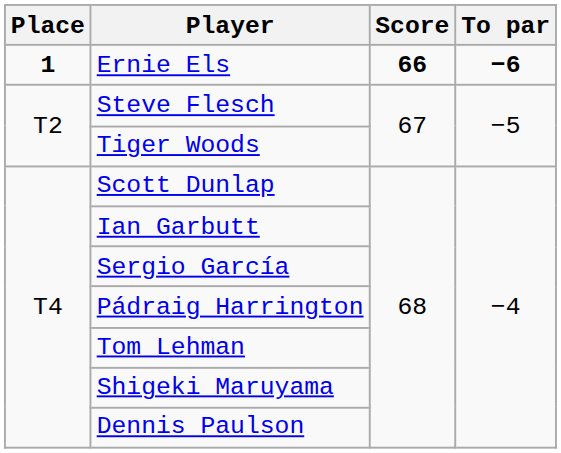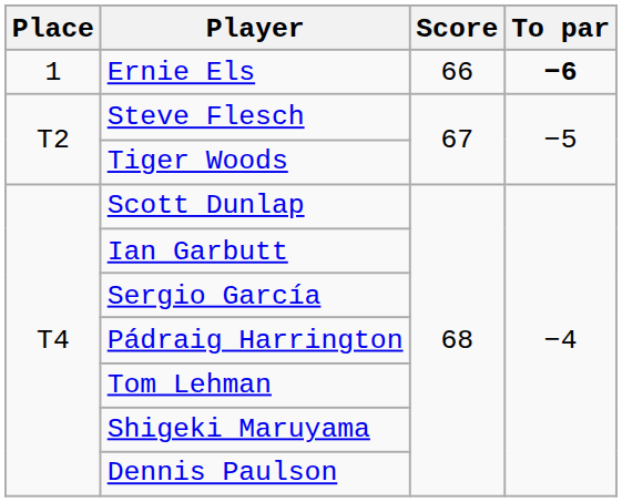 <table class="wikitable">
 <tr>
 <th>Place</th>
 <th>Player</th>
 <th>Score</th>
 <th>To par</th>
 </tr>
 <tr>
-<td align=center><strong>1</strong></td>
+<td align=center>1</td>
 <td> <a href='#'>Ernie Els</a></td>
-<td align=center><strong>66</strong></td>
+<td align=center>66</td>
 <td align=center><strong>−6</strong></td>
 </tr>
 <tr>
 <td rowspan="2" align=center>T2</td>
 <td> <a href='#'>Steve Flesch</a></td>
 <td rowspan="2" align=center>67</td>
 <td rowspan="2" align=center>−5</td>
 </tr>
 <tr>
 <td> <a href='#'>Tiger Woods</a></td>
 </tr>
 <tr>
 <td rowspan="7" align=center>T4</td>
 <td> <a href='#'>Scott Dunlap</a></td>
 <td rowspan="7" align=center>68</td>
 <td rowspan="7" align=center>−4</td>
 </tr>
 <tr>
 <td> <a href='#'>Ian Garbutt</a></td>
 </tr>
 <tr>
 <td> <a href='#'>Sergio García</a></td>
 </tr>
 <tr>
 <td> <a href='#'>Pádraig Harrington</a></td>
 </tr>
 <tr>
 <td> <a href='#'>Tom Lehman</a></td>
 </tr>
 <tr>
 <td> <a href='#'>Shigeki Maruyama</a></td>
 </tr>
 <tr>
 <td> <a href='#'>Dennis Paulson</a></td>
 </tr>
 </table>
